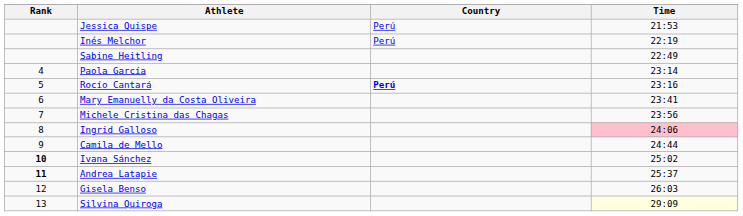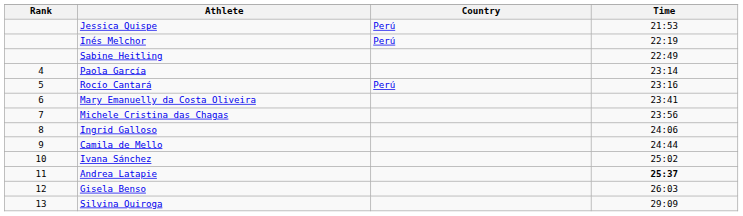 <table class="wikitable sortable" style=" text-align:center; font-size:95%;" width="50%">
 <tr>
 </tr>
 <tr>
 <th width=5%>Rank</th>
 <th width=20%>Athlete</th>
 <th width=15%>Country</th>
 <th width=10%>Time</th>
 </tr>
 <tr>
 <td align=center></td>
 <td align=left><a href='#'>Jessica Quispe</a></td>
 <td align=left> <a href='#'>Perú</a></td>
 <td>21:53</td>
 </tr>
 <tr>
 <td align=center></td>
 <td align=left><a href='#'>Inés Melchor</a></td>
 <td align=left> <a href='#'>Perú</a></td>
 <td>22:19</td>
 </tr>
 <tr>
 <td align=center></td>
 <td align=left><a href='#'>Sabine Heitling</a></td>
 <td align=left></td>
 <td>22:49</td>
 </tr>
 <tr>
 <td align=center>4</td>
 <td align=left><a href='#'>Paola García</a></td>
 <td align=left></td>
 <td>23:14</td>
 </tr>
 <tr>
 <td align=center>5</td>
 <td align=left><a href='#'>Rocío Cantará</a></td>
-<td align=left><strong> <a href='#'>Perú</a></strong></td>
+<td align=left> <a href='#'>Perú</a></td>
 <td>23:16</td>
 </tr>
 <tr>
 <td align=center>6</td>
 <td align=left><a href='#'>Mary Emanuelly da Costa Oliveira</a></td>
 <td align=left></td>
 <td>23:41</td>
 </tr>
 <tr>
 <td align=center>7</td>
 <td align=left><a href='#'>Michele Cristina das Chagas</a></td>
 <td align=left></td>
 <td>23:56</td>
 </tr>
 <tr>
 <td align=center>8</td>
 <td align=left><a href='#'>Ingrid Galloso</a></td>
 <td align=left></td>
-<td style="background: pink;">24:06</td>
+<td>24:06</td>
 </tr>
 <tr>
 <td align=center>9</td>
 <td align=left><a href='#'>Camila de Mello</a></td>
 <td align=left></td>
 <td>24:44</td>
 </tr>
 <tr>
-<td align=center><strong>10</strong></td>
+<td align=center>10</td>
 <td align=left><a href='#'>Ivana Sánchez</a></td>
 <td align=left></td>
 <td>25:02</td>
 </tr>
 <tr>
-<td align=center><strong>11</strong></td>
+<td align=center>11</td>
 <td align=left><a href='#'>Andrea Latapie</a></td>
 <td align=left></td>
-<td>25:37</td>
+<td><strong>25:37</strong></td>
 </tr>
 <tr>
 <td align=center>12</td>
 <td align=left><a href='#'>Gisela Benso</a></td>
 <td align=left></td>
 <td>26:03</td>
 </tr>
 <tr>
 <td align=center>13</td>
 <td align=left><a href='#'>Silvina Quiroga</a></td>
 <td align=left></td>
-<td style="background: lightyellow;">29:09</td>
+<td>29:09</td>
 </tr>
 </table>
